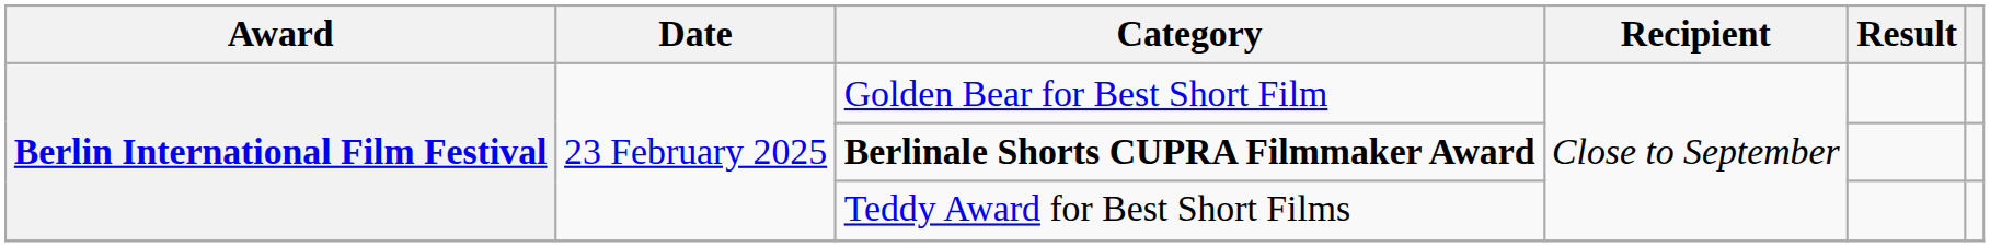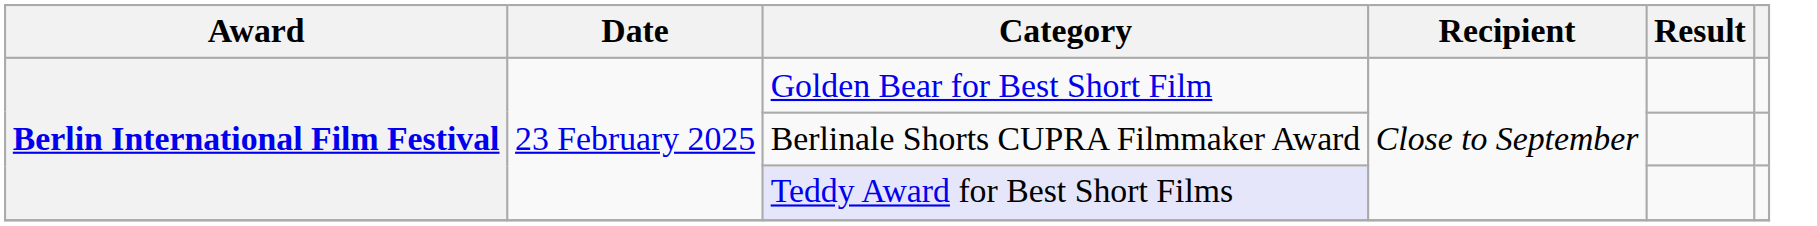 <table class="wikitable sortable plainrowheaders">
 <tr>
 <th>Award</th>
 <th>Date</th>
 <th>Category</th>
 <th>Recipient</th>
 <th>Result</th>
 <th></th>
 </tr>
 <tr>
 <th scope="row" rowspan=3><a href='#'>Berlin International Film Festival</a></th>
 <td rowspan=3><a href='#'>23 February 2025</a></td>
 <td><a href='#'>Golden Bear for Best Short Film</a></td>
 <td rowspan="3"><em>Close to September</em></td>
 <td></td>
 <td align="center" rowspan="1"></td>
 </tr>
 <tr>
-<td><strong>Berlinale Shorts CUPRA Filmmaker Award</strong></td>
+<td>Berlinale Shorts CUPRA Filmmaker Award</td>
 <td></td>
 <td align="center" rowspan="1"></td>
 </tr>
 <tr>
-<td><a href='#'>Teddy Award</a> for Best Short Films</td>
+<td style="background: lavender;"><a href='#'>Teddy Award</a> for Best Short Films</td>
 <td></td>
 <td align="center" rowspan="1"></td>
 </tr>
 <tr>
 </tr>
 </table>
